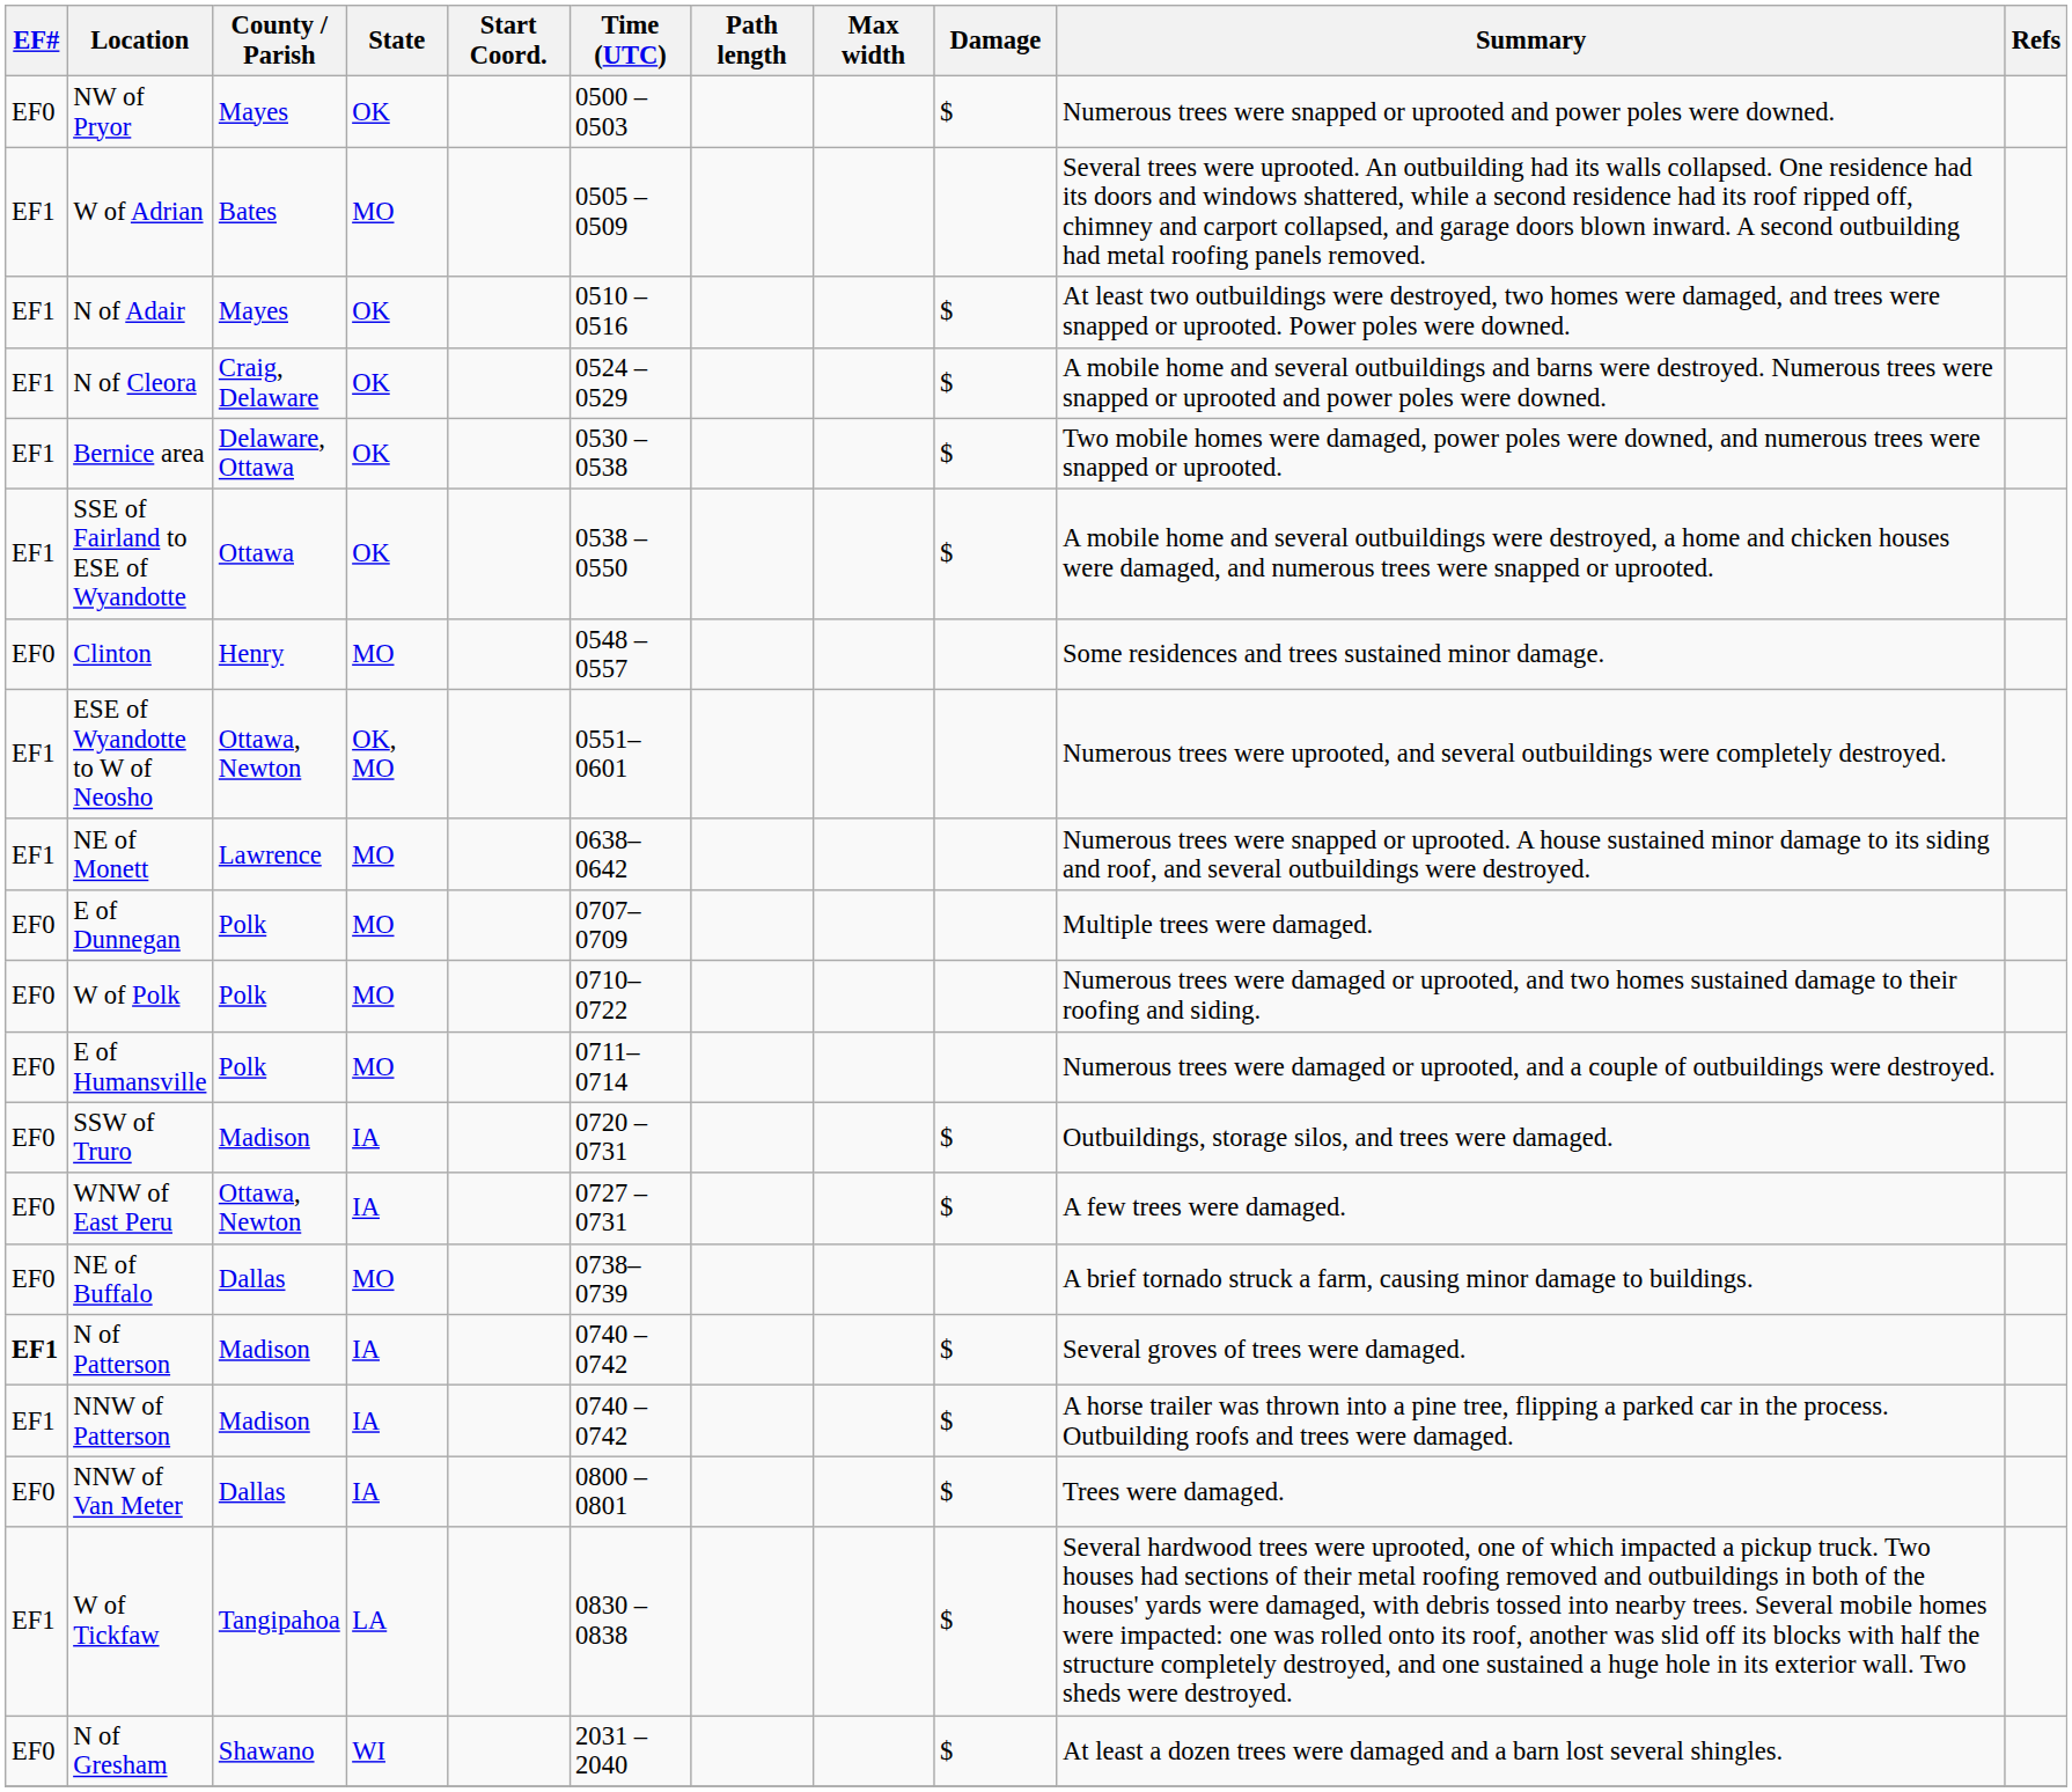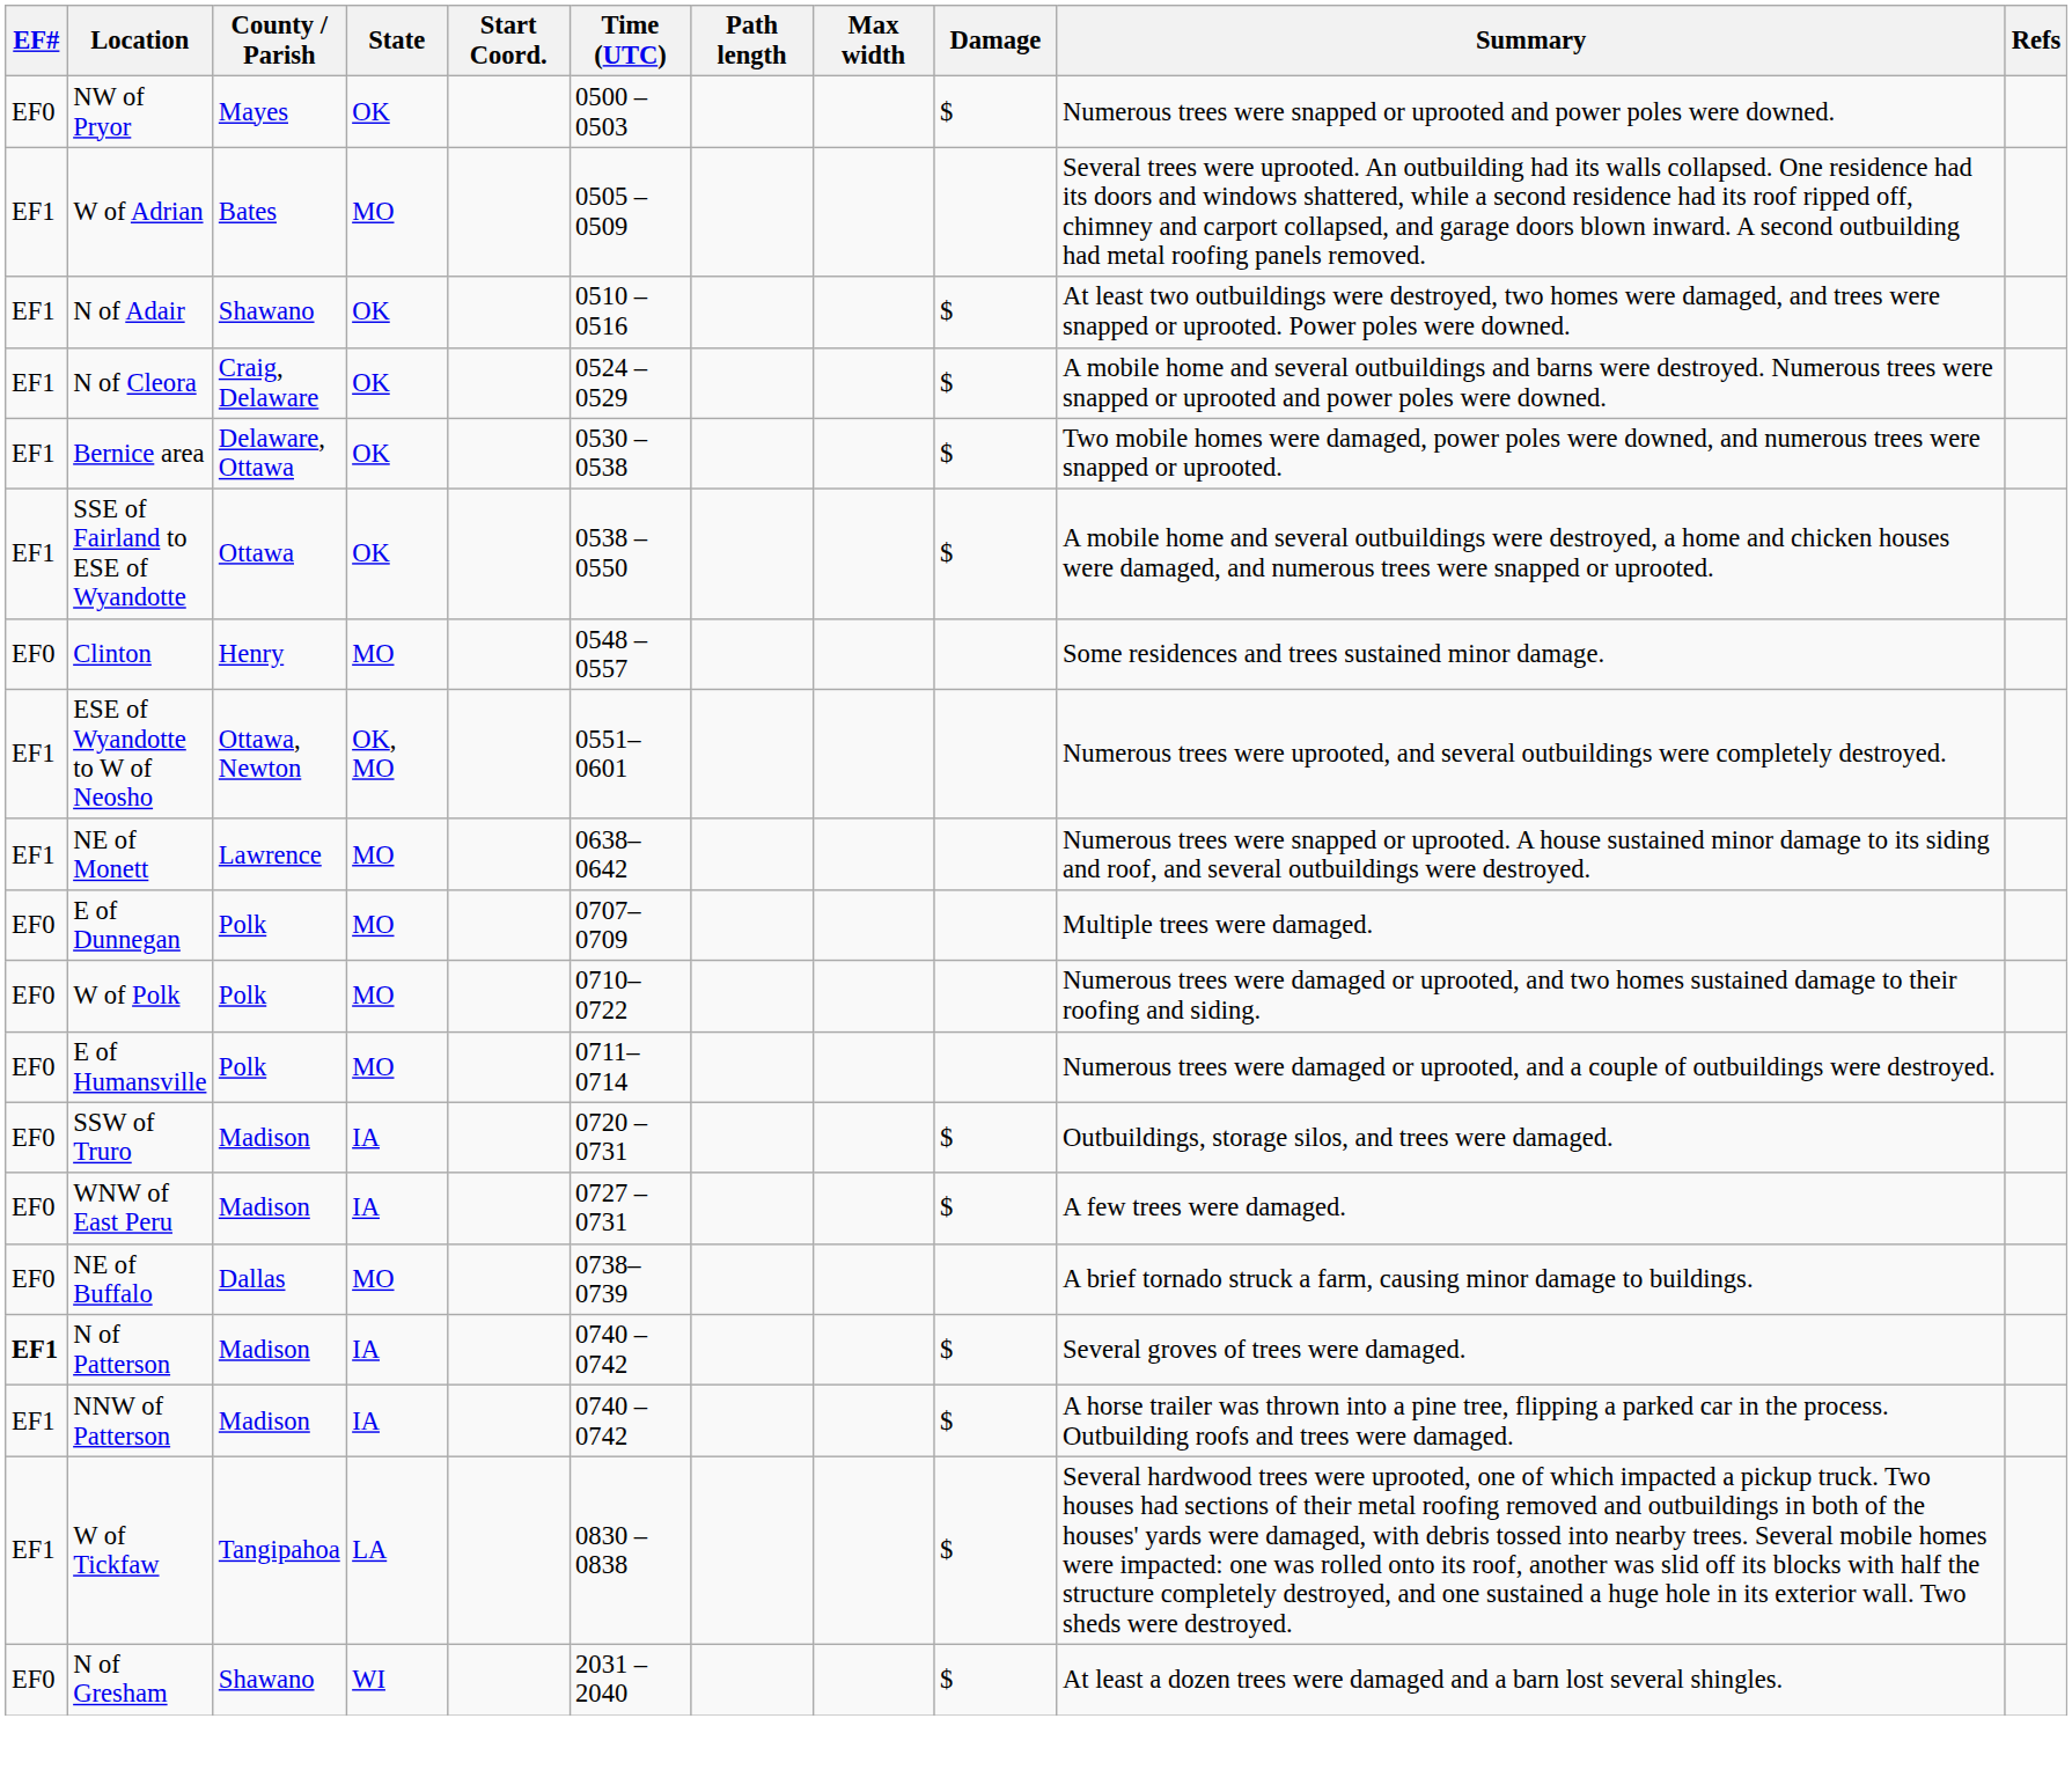 <table class="wikitable sortable" style="width:100%;">
 <tr>
 <th scope="col" width="3%" align="center"><a href='#'>EF#</a></th>
 <th scope="col" width="7%" align="center" class="unsortable">Location</th>
 <th scope="col" width="6%" align="center" class="unsortable">County / Parish</th>
 <th scope="col" width="5%" align="center">State</th>
 <th scope="col" width="6%" align="center">Start Coord.</th>
 <th scope="col" width="6%" align="center">Time (<a href='#'>UTC</a>)</th>
 <th scope="col" width="6%" align="center">Path length</th>
 <th scope="col" width="6%" align="center">Max width</th>
 <th scope="col" width="6%" align="center">Damage</th>
 <th scope="col" width="48%" class="unsortable" align="center">Summary</th>
 <th scope="col" width="48%" class="unsortable" align="center">Refs</th>
 </tr>
 <tr>
 <td>EF0</td>
 <td>NW of <a href='#'>Pryor</a></td>
 <td><a href='#'>Mayes</a></td>
 <td><a href='#'>OK</a></td>
 <td></td>
 <td>0500 – 0503</td>
 <td></td>
 <td></td>
 <td>$</td>
 <td>Numerous trees were snapped or uprooted and power poles were downed.</td>
 <td></td>
 </tr>
 <tr>
 <td>EF1</td>
 <td>W of <a href='#'>Adrian</a></td>
 <td><a href='#'>Bates</a></td>
 <td><a href='#'>MO</a></td>
 <td></td>
 <td>0505 – 0509</td>
 <td></td>
 <td></td>
 <td></td>
 <td>Several trees were uprooted. An outbuilding had its walls collapsed. One residence had its doors and windows shattered, while a second residence had its roof ripped off, chimney and carport collapsed, and garage doors blown inward. A second outbuilding had metal roofing panels removed.</td>
 <td></td>
 </tr>
 <tr>
 <td>EF1</td>
 <td>N of <a href='#'>Adair</a></td>
-<td><a href='#'>Mayes</a></td>
+<td><a href='#'>Shawano</a></td>
 <td><a href='#'>OK</a></td>
 <td></td>
 <td>0510 – 0516</td>
 <td></td>
 <td></td>
 <td>$</td>
 <td>At least two outbuildings were destroyed, two homes were damaged, and trees were snapped or uprooted. Power poles were downed.</td>
 <td></td>
 </tr>
 <tr>
 <td>EF1</td>
 <td>N of <a href='#'>Cleora</a></td>
 <td><a href='#'>Craig</a>, <a href='#'>Delaware</a></td>
 <td><a href='#'>OK</a></td>
 <td></td>
 <td>0524 – 0529</td>
 <td></td>
 <td></td>
 <td>$</td>
 <td>A mobile home and several outbuildings and barns were destroyed. Numerous trees were snapped or uprooted and power poles were downed.</td>
 <td></td>
 </tr>
 <tr>
 <td>EF1</td>
 <td><a href='#'>Bernice</a> area</td>
 <td><a href='#'>Delaware</a>, <a href='#'>Ottawa</a></td>
 <td><a href='#'>OK</a></td>
 <td></td>
 <td>0530 – 0538</td>
 <td></td>
 <td></td>
 <td>$</td>
 <td>Two mobile homes were damaged, power poles were downed, and numerous trees were snapped or uprooted.</td>
 <td></td>
 </tr>
 <tr>
 <td>EF1</td>
 <td>SSE of <a href='#'>Fairland</a> to ESE of <a href='#'>Wyandotte</a></td>
 <td><a href='#'>Ottawa</a></td>
 <td><a href='#'>OK</a></td>
 <td></td>
 <td>0538 – 0550</td>
 <td></td>
 <td></td>
 <td>$</td>
 <td>A mobile home and several outbuildings were destroyed, a home and chicken houses were damaged, and numerous trees were snapped or uprooted.</td>
 <td></td>
 </tr>
 <tr>
 <td>EF0</td>
 <td><a href='#'>Clinton</a></td>
 <td><a href='#'>Henry</a></td>
 <td><a href='#'>MO</a></td>
 <td></td>
 <td>0548 – 0557</td>
 <td></td>
 <td></td>
 <td></td>
 <td>Some residences and trees sustained minor damage.</td>
 <td></td>
 </tr>
 <tr>
 <td>EF1</td>
 <td>ESE of <a href='#'>Wyandotte</a> to W of <a href='#'>Neosho</a></td>
 <td><a href='#'>Ottawa</a>, <a href='#'>Newton</a></td>
 <td><a href='#'>OK</a>, <a href='#'>MO</a></td>
 <td></td>
 <td>0551–0601</td>
 <td></td>
 <td></td>
 <td></td>
 <td>Numerous trees were uprooted, and several outbuildings were completely destroyed.</td>
 <td></td>
 </tr>
 <tr>
 <td>EF1</td>
 <td>NE of <a href='#'>Monett</a></td>
 <td><a href='#'>Lawrence</a></td>
 <td><a href='#'>MO</a></td>
 <td></td>
 <td>0638–0642</td>
 <td></td>
 <td></td>
 <td></td>
 <td>Numerous trees were snapped or uprooted. A house sustained minor damage to its siding and roof, and several outbuildings were destroyed.</td>
 <td></td>
 </tr>
 <tr>
 <td>EF0</td>
 <td>E of <a href='#'>Dunnegan</a></td>
 <td><a href='#'>Polk</a></td>
 <td><a href='#'>MO</a></td>
 <td></td>
 <td>0707–0709</td>
 <td></td>
 <td></td>
 <td></td>
 <td>Multiple trees were damaged.</td>
 <td></td>
 </tr>
 <tr>
 <td>EF0</td>
 <td>W of <a href='#'>Polk</a></td>
 <td><a href='#'>Polk</a></td>
 <td><a href='#'>MO</a></td>
 <td></td>
 <td>0710–0722</td>
 <td></td>
 <td></td>
 <td></td>
 <td>Numerous trees were damaged or uprooted, and two homes sustained damage to their roofing and siding.</td>
 <td></td>
 </tr>
 <tr>
 <td>EF0</td>
 <td>E of <a href='#'>Humansville</a></td>
 <td><a href='#'>Polk</a></td>
 <td><a href='#'>MO</a></td>
 <td></td>
 <td>0711–0714</td>
 <td></td>
 <td></td>
 <td></td>
 <td>Numerous trees were damaged or uprooted, and a couple of outbuildings were destroyed.</td>
 <td></td>
 </tr>
 <tr>
 <td>EF0</td>
 <td>SSW of <a href='#'>Truro</a></td>
 <td><a href='#'>Madison</a></td>
 <td><a href='#'>IA</a></td>
 <td></td>
 <td>0720 – 0731</td>
 <td></td>
 <td></td>
 <td>$</td>
 <td>Outbuildings, storage silos, and trees were damaged.</td>
 <td></td>
 </tr>
 <tr>
 <td>EF0</td>
 <td>WNW of <a href='#'>East Peru</a></td>
-<td><a href='#'>Ottawa</a>, <a href='#'>Newton</a></td>
+<td><a href='#'>Madison</a></td>
 <td><a href='#'>IA</a></td>
 <td></td>
 <td>0727 – 0731</td>
 <td></td>
 <td></td>
 <td>$</td>
 <td>A few trees were damaged.</td>
 <td></td>
 </tr>
 <tr>
 <td>EF0</td>
 <td>NE of <a href='#'>Buffalo</a></td>
 <td><a href='#'>Dallas</a></td>
 <td><a href='#'>MO</a></td>
 <td></td>
 <td>0738–0739</td>
 <td></td>
 <td></td>
 <td></td>
 <td>A brief tornado struck a farm, causing minor damage to buildings.</td>
 <td></td>
 </tr>
 <tr>
 <td><strong>EF1</strong></td>
 <td>N of <a href='#'>Patterson</a></td>
 <td><a href='#'>Madison</a></td>
 <td><a href='#'>IA</a></td>
 <td></td>
 <td>0740 – 0742</td>
 <td></td>
 <td></td>
 <td>$</td>
 <td>Several groves of trees were damaged.</td>
 <td></td>
 </tr>
 <tr>
 <td>EF1</td>
 <td>NNW of <a href='#'>Patterson</a></td>
 <td><a href='#'>Madison</a></td>
 <td><a href='#'>IA</a></td>
 <td></td>
 <td>0740 – 0742</td>
 <td></td>
 <td></td>
 <td>$</td>
 <td>A horse trailer was thrown  into a pine tree, flipping a parked car in the process. Outbuilding roofs and trees were damaged.</td>
 <td></td>
 </tr>
 <tr>
-<td>EF0</td>
-<td>NNW of <a href='#'>Van Meter</a></td>
-<td><a href='#'>Dallas</a></td>
-<td><a href='#'>IA</a></td>
-<td></td>
-<td>0800 – 0801</td>
-<td></td>
-<td></td>
-<td>$</td>
-<td>Trees were damaged.</td>
-<td></td>
-</tr>
-<tr>
 <td>EF1</td>
 <td>W of <a href='#'>Tickfaw</a></td>
 <td><a href='#'>Tangipahoa</a></td>
 <td><a href='#'>LA</a></td>
 <td></td>
 <td>0830 – 0838</td>
 <td></td>
 <td></td>
 <td>$</td>
 <td>Several hardwood trees were uprooted, one of which impacted a pickup truck. Two houses had sections of their metal roofing removed and outbuildings in both of the houses' yards were damaged, with debris tossed into nearby trees. Several mobile homes were impacted: one was rolled onto its roof, another was slid off its blocks with half the structure completely destroyed, and one sustained a huge hole in its exterior wall. Two sheds were destroyed.</td>
 <td></td>
 </tr>
 <tr>
 <td>EF0</td>
 <td>N of <a href='#'>Gresham</a></td>
 <td><a href='#'>Shawano</a></td>
 <td><a href='#'>WI</a></td>
 <td></td>
 <td>2031 – 2040</td>
 <td></td>
 <td></td>
 <td>$</td>
 <td>At least a dozen trees were damaged and a barn lost several shingles.</td>
 <td></td>
 </tr>
 <tr>
 </tr>
 </table>
